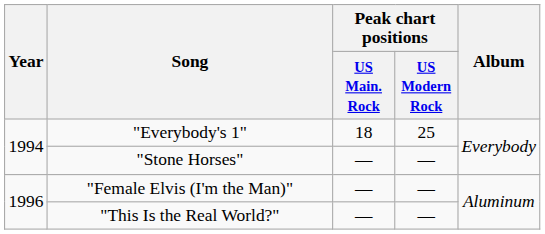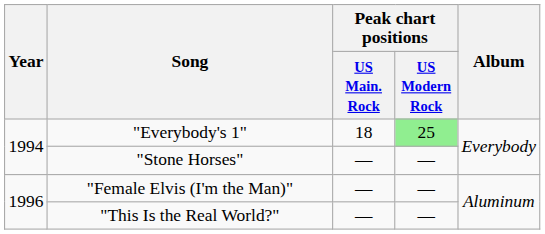 <table class="wikitable" style="text-align: center;">
 <tr>
 <th align=center rowspan=2>Year</th>
 <th width=254;' align=center rowspan=2>Song</th>
 <th align=center colspan=2>Peak chart positions</th>
 <th align=center rowspan=2>Album</th>
 </tr>
 <tr>
 <th width="50px"><small><a href='#'>US Main. Rock</a></small></th>
 <th width="50px"><small><a href='#'>US Modern Rock</a></small></th>
 </tr>
 <tr>
 <td rowspan="2">1994</td>
 <td>"Everybody's 1"</td>
 <td align="center">18</td>
-<td align="center">25</td>
+<td align="center" style="background: lightgreen;">25</td>
 <td rowspan="2"><em>Everybody</em></td>
 </tr>
 <tr>
 <td>"Stone Horses"</td>
 <td align="center">—</td>
 <td align="center">—</td>
 </tr>
 <tr>
 <td rowspan="2">1996</td>
 <td>"Female Elvis (I'm the Man)"</td>
 <td align="center">—</td>
 <td align="center">—</td>
 <td rowspan="2"><em>Aluminum</em></td>
 </tr>
 <tr>
 <td>"This Is the Real World?"</td>
 <td align="center">—</td>
 <td align="center">—</td>
 </tr>
 </table>
